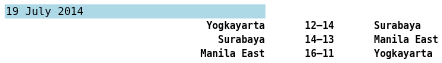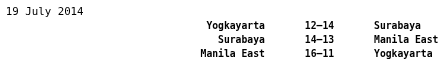 <table style="width:100%;" cellspacing="1">
 <tr>
 <th width=25%></th>
 <th width=2%></th>
 <th width=6%></th>
 <th width=2%></th>
 <th width=25%></th>
 </tr>
 <tr>
-<td style="background: lightblue;">19 July 2014</td>
+<td>19 July 2014</td>
 </tr>
 <tr style=font-size:90%>
 <td align=right><strong>Yogkayarta </strong></td>
 <td></td>
 <td align=center><strong>12–14</strong></td>
 <td></td>
 <td><strong> Surabaya</strong></td>
 <td></td>
 </tr>
 <tr style=font-size:90%>
 <td align=right><strong>Surabaya </strong></td>
 <td></td>
 <td align=center><strong>14–13</strong></td>
 <td></td>
 <td><strong> Manila East</strong></td>
 <td></td>
 </tr>
 <tr style=font-size:90%>
 <td align=right><strong>Manila East </strong></td>
 <td></td>
 <td align=center><strong>16–11</strong></td>
 <td></td>
 <td><strong> Yogkayarta</strong></td>
 <td></td>
 </tr>
 </table>
